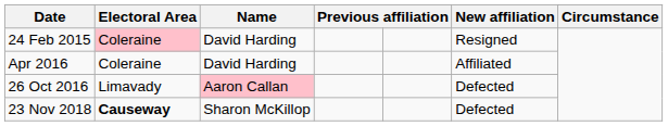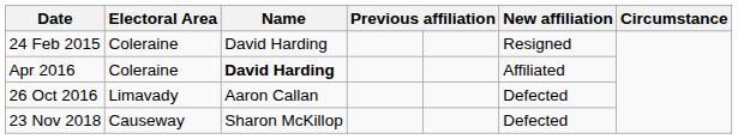 <table class="wikitable" style="font-size: 95%; font-size: 95%">
 <tr>
 <th>Date</th>
 <th>Electoral Area</th>
 <th>Name</th>
 <th colspan="2">Previous affiliation</th>
 <th colspan="2">New affiliation</th>
 <th>Circumstance</th>
 </tr>
 <tr>
 <td>24 Feb 2015</td>
-<td style="background: pink;">Coleraine</td>
+<td>Coleraine</td>
 <td>David Harding</td>
 <td></td>
 <td></td>
 <td>Resigned</td>
 </tr>
 <tr>
 <td>Apr 2016</td>
 <td>Coleraine</td>
-<td>David Harding</td>
+<td><strong>David Harding</strong></td>
 <td></td>
 <td></td>
 <td>Affiliated</td>
 </tr>
 <tr>
 <td>26 Oct 2016</td>
 <td>Limavady</td>
-<td style="background: pink;">Aaron Callan</td>
+<td>Aaron Callan</td>
 <td></td>
 <td></td>
 <td>Defected</td>
 </tr>
 <tr>
 <td>23 Nov 2018</td>
-<td><strong>Causeway</strong></td>
+<td>Causeway</td>
 <td>Sharon McKillop</td>
 <td></td>
 <td></td>
 <td>Defected</td>
 </tr>
 </table>
